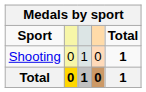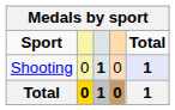 <table class=wikitable style="font-size:85%; float:right;text-align:center">
 <tr bgcolor=EFEFEF>
 <th colspan=7>Medals by sport</th>
 </tr>
 <tr>
 <td><strong>Sport</strong></td>
 <td bgcolor=F7F6A8></td>
 <td bgcolor=DCE5E5></td>
 <td bgcolor=FFDBA9></td>
 <td><strong>Total</strong></td>
 </tr>
 <tr>
 <td><a href='#'>Shooting</a></td>
 <td bgcolor=F7F6A8>0</td>
-<td bgcolor=DCE5E5>1</td>
+<td bgcolor=DCE5E5><strong>1</strong></td>
 <td bgcolor=FFDAB9>0</td>
-<td><strong>1</strong></td>
+<td style="background: lavender;"><strong>1</strong></td>
 </tr>
 <tr>
 <th>Total</th>
 <th style=background:gold>0</th>
 <th style=background:silver>1</th>
 <th style=background:#C96>0</th>
 <th>1</th>
 </tr>
 </table>
